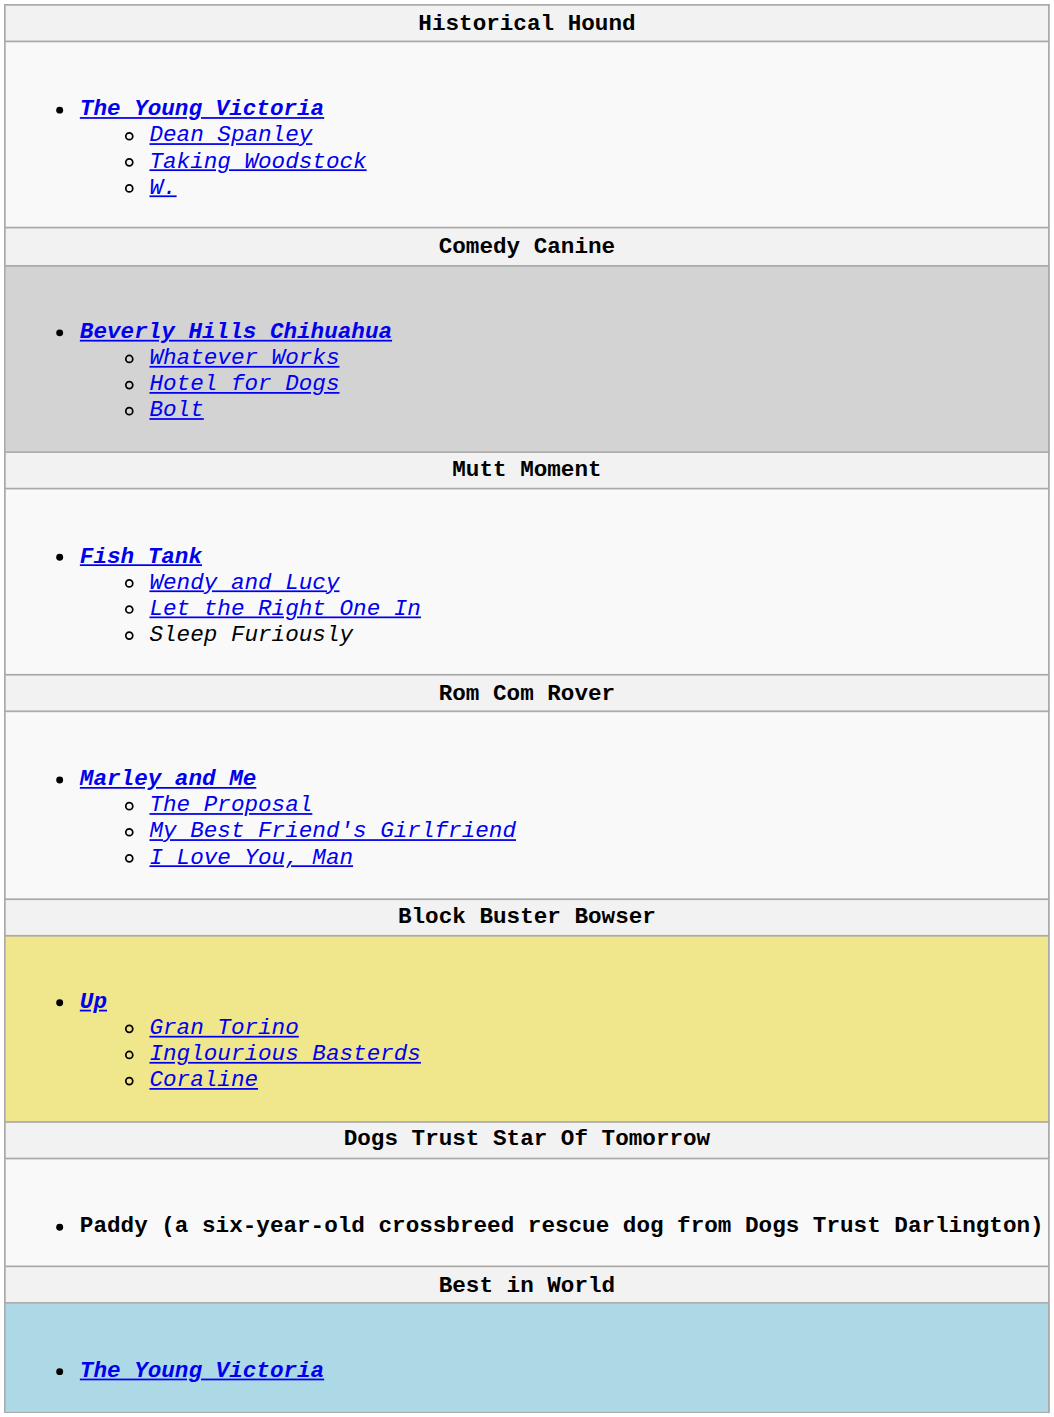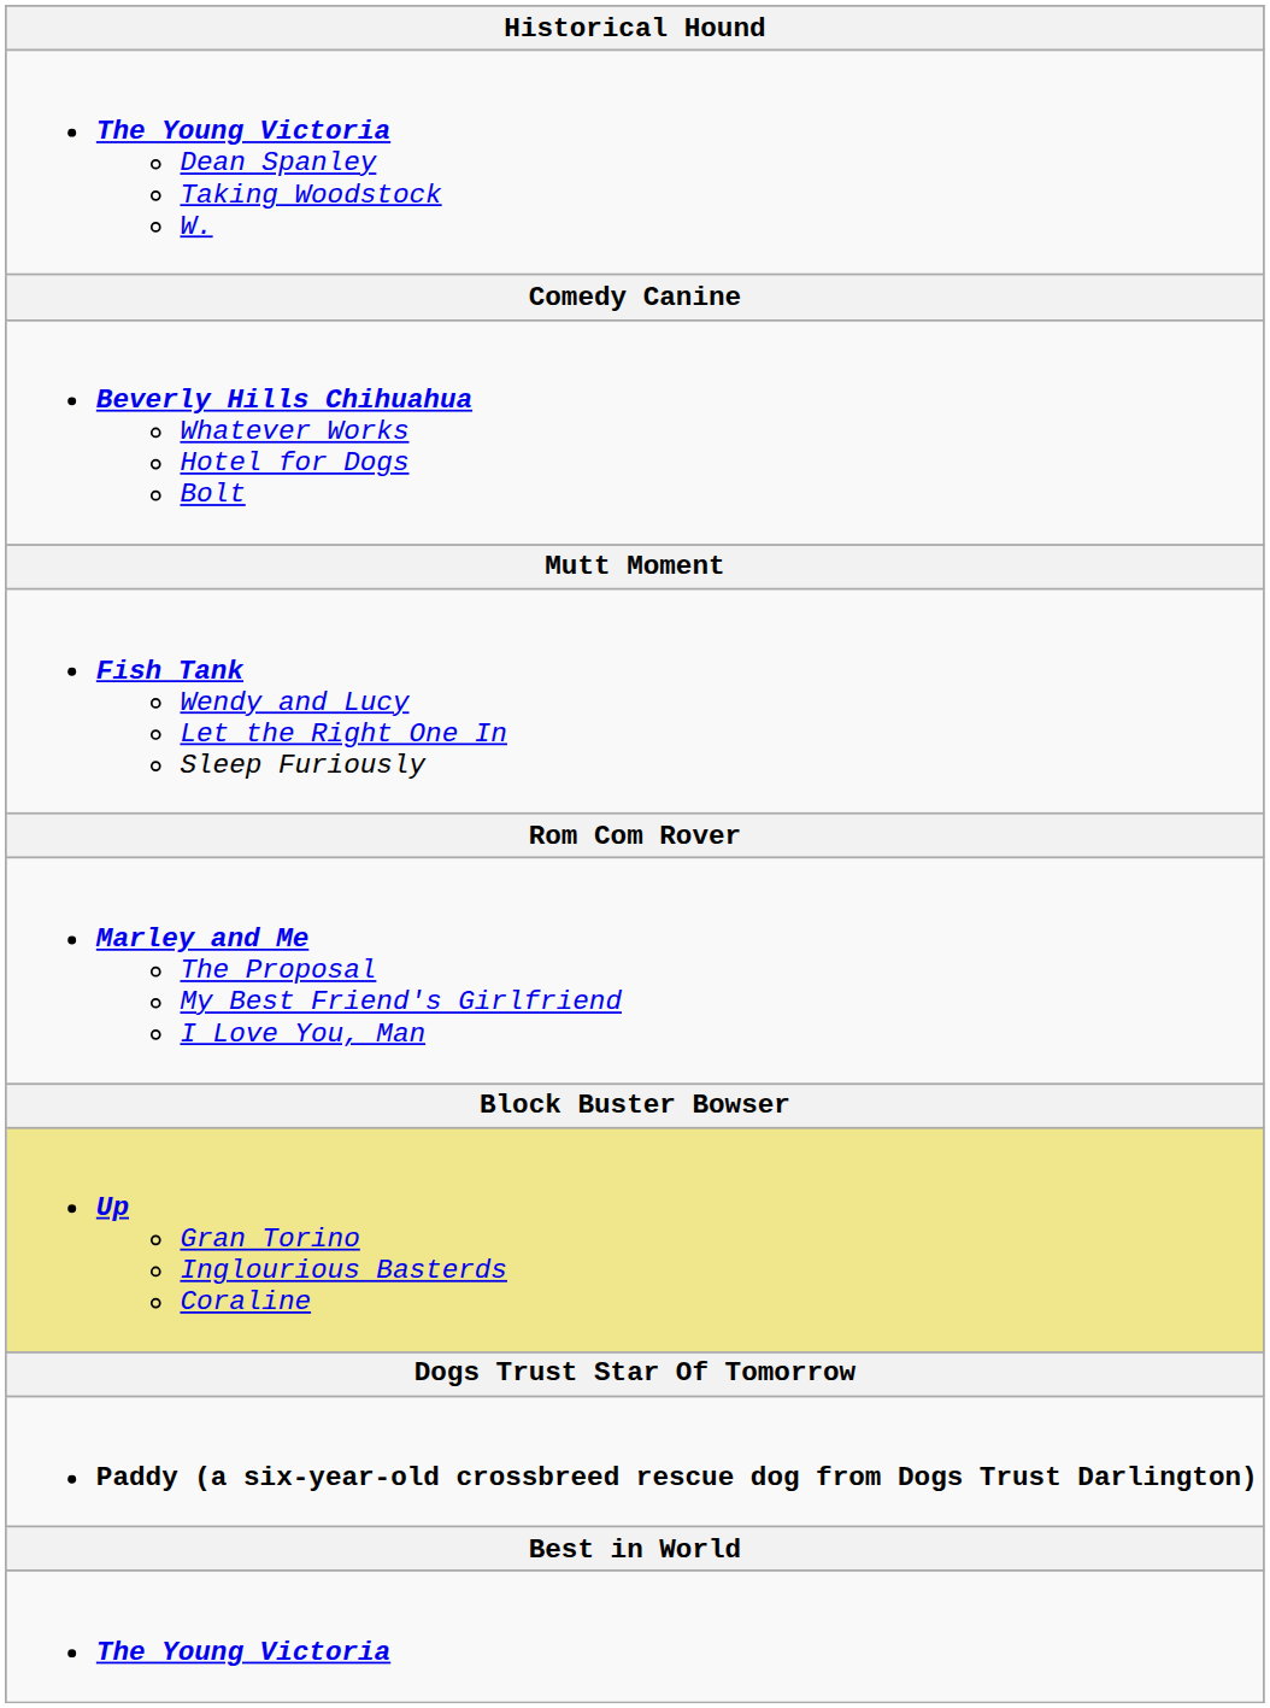 <table class="wikitable">
 <tr>
 <th><strong>Historical Hound</strong></th>
 </tr>
 <tr>
 <td><br><ul><li><strong><em><a href='#'>The Young Victoria</a></em></strong><ul><li><em><a href='#'>Dean Spanley</a></em></li><li><em><a href='#'>Taking Woodstock</a></em></li><li><em><a href='#'>W.</a></em></li></ul></li></ul></td>
 </tr>
 <tr>
 <th>Comedy Canine</th>
 </tr>
 <tr>
-<td style="background: lightgrey;"><br><ul><li><strong><em><a href='#'>Beverly Hills Chihuahua</a></em></strong><ul><li><em><a href='#'>Whatever Works</a></em></li><li><a href='#'><em>Hotel for Dogs</em></a></li><li><a href='#'><em>Bolt</em></a></li></ul></li></ul></td>
+<td><br><ul><li><strong><em><a href='#'>Beverly Hills Chihuahua</a></em></strong><ul><li><em><a href='#'>Whatever Works</a></em></li><li><a href='#'><em>Hotel for Dogs</em></a></li><li><a href='#'><em>Bolt</em></a></li></ul></li></ul></td>
 </tr>
 <tr>
 <th>Mutt Moment</th>
 </tr>
 <tr>
 <td><br><ul><li><strong><a href='#'><em>Fish Tank</em></a></strong><ul><li><em><a href='#'>Wendy and Lucy</a></em></li><li><a href='#'><em>Let the Right One In</em></a></li><li><em>Sleep Furiously</em></li></ul></li></ul></td>
 </tr>
 <tr>
 <th>Rom Com Rover</th>
 </tr>
 <tr>
 <td><br><ul><li><strong><a href='#'><em>Marley and Me</em></a></strong><ul><li><em><a href='#'>The Proposal</a></em></li><li><em><a href='#'>My Best Friend's Girlfriend</a></em></li><li><em><a href='#'>I Love You, Man</a></em></li></ul></li></ul></td>
 </tr>
 <tr>
 <th>Block Buster Bowser</th>
 </tr>
 <tr>
 <td style="background: khaki;"><br><ul><li><strong><a href='#'><em>Up</em></a></strong><ul><li><em><a href='#'>Gran Torino</a></em></li><li><em><a href='#'>Inglourious Basterds</a></em></li><li><a href='#'><em>Coraline</em></a></li></ul></li></ul></td>
 </tr>
 <tr>
 <th>Dogs Trust Star Of Tomorrow</th>
 </tr>
 <tr>
 <td><br><ul><li><strong>Paddy (a six-year-old crossbreed rescue dog from Dogs Trust Darlington)</strong></li></ul></td>
 </tr>
 <tr>
 <th>Best in World</th>
 </tr>
 <tr>
-<td style="background: lightblue;"><br><ul><li><strong><em><a href='#'>The Young Victoria</a></em></strong></li></ul></td>
+<td><br><ul><li><strong><em><a href='#'>The Young Victoria</a></em></strong></li></ul></td>
 </tr>
 </table>
